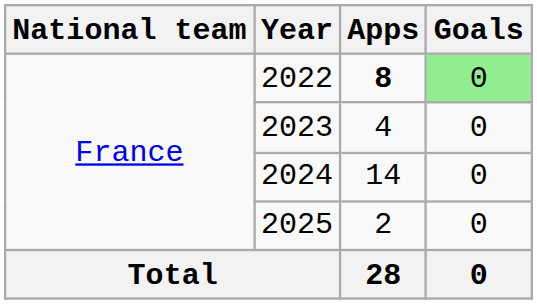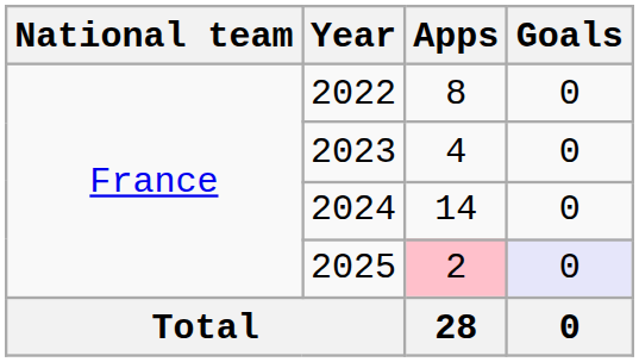 <table class="wikitable" style="text-align: center;">
 <tr>
 <th>National team</th>
 <th>Year</th>
 <th>Apps</th>
 <th>Goals</th>
 </tr>
 <tr>
 <td rowspan="4"><a href='#'>France</a></td>
 <td>2022</td>
-<td><strong>8</strong></td>
-<td style="background: lightgreen;">0</td>
+<td>8</td>
+<td>0</td>
 </tr>
 <tr>
 <td>2023</td>
 <td>4</td>
 <td>0</td>
 </tr>
 <tr>
 <td>2024</td>
 <td>14</td>
 <td>0</td>
 </tr>
 <tr>
 <td>2025</td>
-<td>2</td>
-<td>0</td>
+<td style="background: pink;">2</td>
+<td style="background: lavender;">0</td>
 </tr>
 <tr>
 <th colspan="2">Total</th>
 <th>28</th>
 <th>0</th>
 </tr>
 </table>
